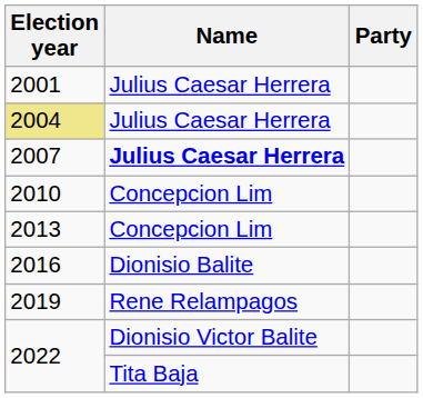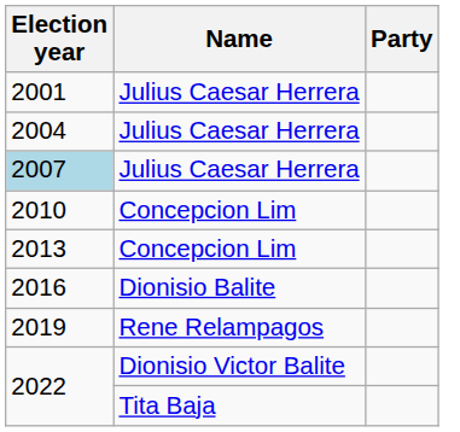 <table class=wikitable>
 <tr>
 <th>Election<br>year</th>
 <th>Name</th>
 <th colspan=2>Party</th>
 </tr>
 <tr>
 <td>2001</td>
 <td><a href='#'>Julius Caesar Herrera</a></td>
 <td></td>
 </tr>
 <tr>
-<td style="background: khaki;">2004</td>
+<td>2004</td>
 <td><a href='#'>Julius Caesar Herrera</a></td>
 <td></td>
 </tr>
 <tr>
-<td>2007</td>
-<td><strong><a href='#'>Julius Caesar Herrera</a></strong></td>
+<td style="background: lightblue;">2007</td>
+<td><a href='#'>Julius Caesar Herrera</a></td>
 <td></td>
 </tr>
 <tr>
 <td>2010</td>
 <td><a href='#'>Concepcion Lim</a></td>
 <td></td>
 </tr>
 <tr>
 <td>2013</td>
 <td><a href='#'>Concepcion Lim</a></td>
 <td></td>
 </tr>
 <tr>
 <td>2016</td>
 <td><a href='#'>Dionisio Balite</a></td>
 <td></td>
 </tr>
 <tr>
 <td>2019</td>
 <td><a href='#'>Rene Relampagos</a></td>
 <td></td>
 </tr>
 <tr>
 <td rowspan="2">2022</td>
 <td><a href='#'>Dionisio Victor Balite</a></td>
 <td></td>
 </tr>
 <tr>
 <td><a href='#'>Tita Baja</a></td>
 <td></td>
 </tr>
 </table>
